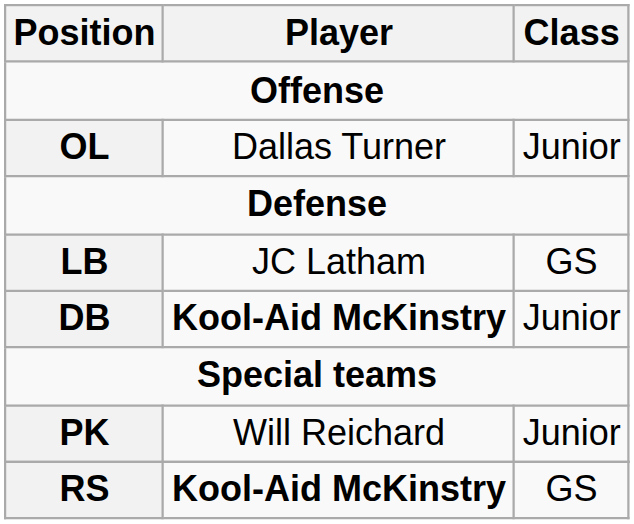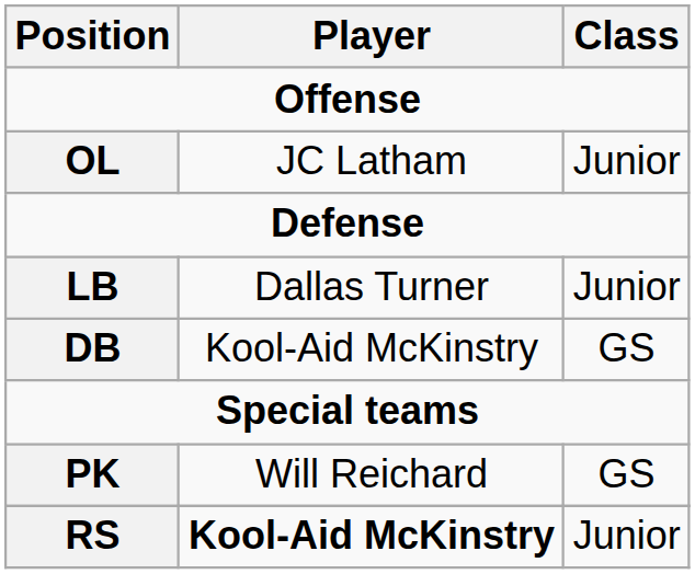 <table class="wikitable">
 <tr>
 <th>Position</th>
 <th>Player</th>
 <th>Class</th>
 </tr>
 <tr>
 <td colspan="4" style="text-align:center; "><strong>Offense</strong></td>
 </tr>
 <tr style="text-align:center;">
 <th rowspan="1">OL</th>
-<td>Dallas Turner</td>
+<td>JC Latham</td>
 <td>Junior</td>
 </tr>
 <tr>
 <td colspan="4" style="text-align:center; "><strong>Defense</strong></td>
 </tr>
 <tr style="text-align:center;">
 <th rowspan="1">LB</th>
-<td>JC Latham</td>
-<td>GS</td>
+<td>Dallas Turner</td>
+<td>Junior</td>
 </tr>
 <tr style="text-align:center;">
 <th rowspan="1">DB</th>
-<td><strong>Kool-Aid McKinstry</strong></td>
-<td>Junior</td>
+<td>Kool-Aid McKinstry</td>
+<td>GS</td>
 </tr>
 <tr>
 <td colspan="4" style="text-align:center; "><strong>Special teams</strong></td>
 </tr>
 <tr style="text-align:center;">
 <th rowspan="1">PK</th>
 <td>Will Reichard</td>
-<td>Junior</td>
+<td>GS</td>
 </tr>
 <tr>
 </tr>
 <tr style="text-align:center;">
 <th rowspan="1">RS</th>
 <td><strong>Kool-Aid McKinstry</strong></td>
-<td>GS</td>
+<td>Junior</td>
 </tr>
 </table>
